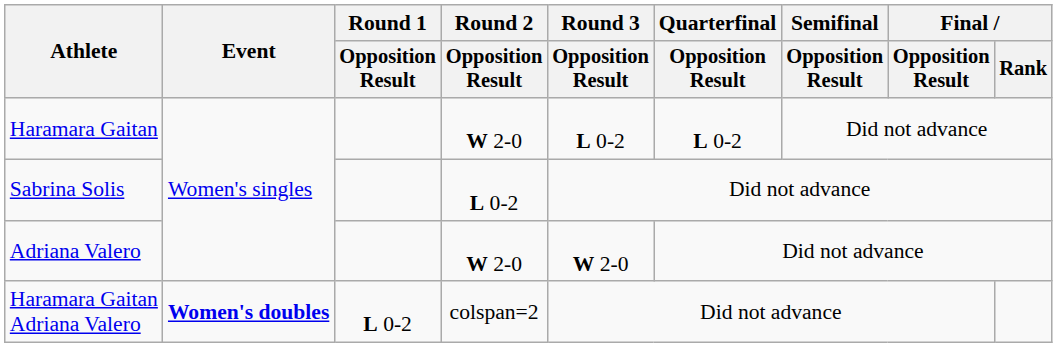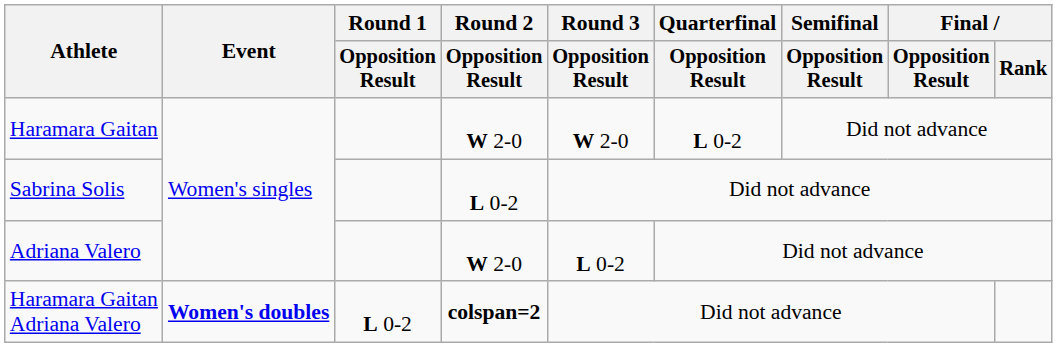 <table class=wikitable style=font-size:90%;text-align:center>
 <tr>
 <th rowspan=2>Athlete</th>
 <th rowspan=2>Event</th>
 <th>Round 1</th>
 <th>Round 2</th>
 <th>Round 3</th>
 <th>Quarterfinal</th>
 <th>Semifinal</th>
 <th colspan=2>Final / </th>
 </tr>
 <tr style=font-size:95%>
 <th>Opposition<br>Result</th>
 <th>Opposition<br>Result</th>
 <th>Opposition<br>Result</th>
 <th>Opposition<br>Result</th>
 <th>Opposition<br>Result</th>
 <th>Opposition<br>Result</th>
 <th>Rank</th>
 </tr>
 <tr>
 <td align=left><a href='#'>Haramara Gaitan</a></td>
 <td align=left rowspan=3><a href='#'>Women's singles</a></td>
 <td></td>
 <td><br><strong>W</strong> 2-0</td>
-<td><br><strong>L</strong> 0-2</td>
+<td><br><strong>W</strong> 2-0</td>
 <td><br><strong>L</strong> 0-2</td>
 <td colspan=3>Did not advance</td>
 </tr>
 <tr>
 <td align=left><a href='#'>Sabrina Solis</a></td>
 <td></td>
 <td><br><strong>L</strong> 0-2</td>
 <td colspan=5>Did not advance</td>
 </tr>
 <tr>
 <td align=left><a href='#'>Adriana Valero</a></td>
 <td></td>
 <td><br><strong>W</strong> 2-0</td>
-<td><br><strong>W</strong> 2-0</td>
+<td><br><strong>L</strong> 0-2</td>
 <td colspan=4>Did not advance</td>
 </tr>
 <tr>
 <td align=left><a href='#'>Haramara Gaitan</a><br><a href='#'>Adriana Valero</a></td>
 <td align=left><strong><a href='#'>Women's doubles</a></strong></td>
 <td><br><strong>L</strong> 0-2</td>
-<td>colspan=2 </td>
+<td><strong>colspan=2 </strong></td>
 <td colspan=4>Did not advance</td>
 </tr>
 </table>
